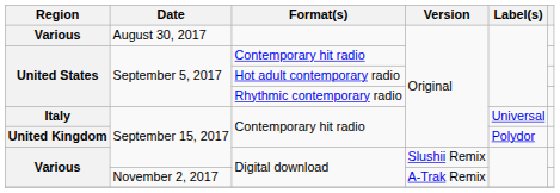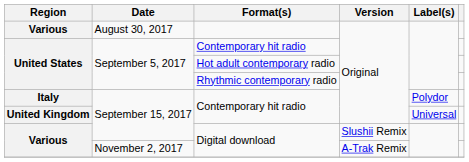 <table class="wikitable plainrowheaders">
 <tr>
 <th scope="col">Region</th>
 <th scope="col">Date</th>
 <th scope="col">Format(s)</th>
 <th scope="col">Version</th>
 <th scope="col">Label(s)</th>
 <th scope="col"></th>
 </tr>
 <tr>
 <th scope="row">Various</th>
 <td>August 30, 2017</td>
 <td></td>
 <td rowspan="6">Original</td>
 <td rowspan="4"></td>
 <td style="text-align:center;"></td>
 </tr>
 <tr>
 <th scope="row" rowspan="3">United States</th>
 <td rowspan="3">September 5, 2017</td>
 <td><a href='#'>Contemporary hit radio</a></td>
 <td style="text-align:center;"></td>
 </tr>
 <tr>
 <td><a href='#'>Hot adult contemporary</a> radio</td>
 <td style="text-align:center;"></td>
 </tr>
 <tr>
 <td><a href='#'>Rhythmic contemporary</a> radio</td>
 <td style="text-align:center;"></td>
 </tr>
 <tr>
 <th scope="row">Italy</th>
 <td rowspan="3">September 15, 2017</td>
 <td rowspan="2">Contemporary hit radio</td>
-<td><a href='#'>Universal</a></td>
+<td><a href='#'>Polydor</a></td>
 <td style="text-align:center;"></td>
 </tr>
 <tr>
 <th scope="row">United Kingdom</th>
-<td><a href='#'>Polydor</a></td>
+<td><a href='#'>Universal</a></td>
 <td style="text-align:center;"></td>
 </tr>
 <tr>
 <th scope="row" rowspan="2">Various</th>
 <td rowspan="2">Digital download</td>
 <td><a href='#'>Slushii</a> Remix</td>
 <td rowspan="2"></td>
 <td style="text-align:center;"></td>
 </tr>
 <tr>
 <td>November 2, 2017</td>
 <td><a href='#'>A-Trak</a> Remix</td>
 <td style="text-align:center;"></td>
 </tr>
 <tr>
 </tr>
 </table>
